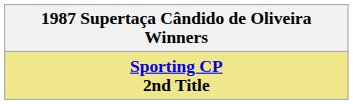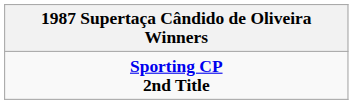 <table class="wikitable" style="text-align: center; margin: 0 auto; width: 20%">
 <tr>
 <th>1987 Supertaça Cândido de Oliveira Winners</th>
 </tr>
 <tr>
-<td style="background: khaki;"><strong><a href='#'>Sporting CP</a></strong><br><strong>2nd Title</strong></td>
+<td><strong><a href='#'>Sporting CP</a></strong><br><strong>2nd Title</strong></td>
 </tr>
 </table>
